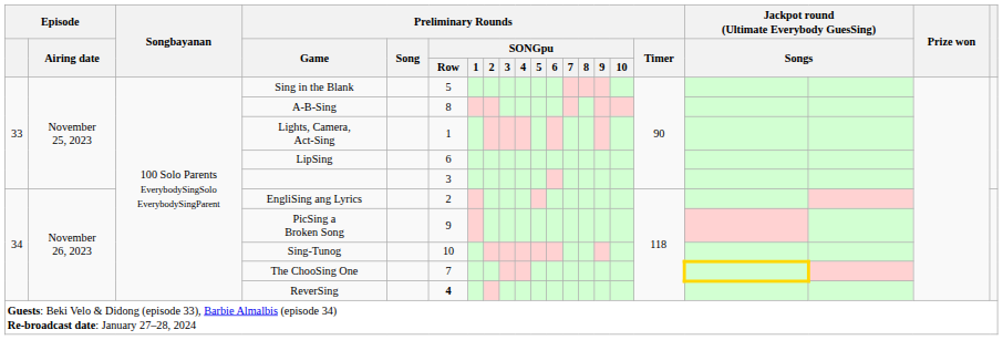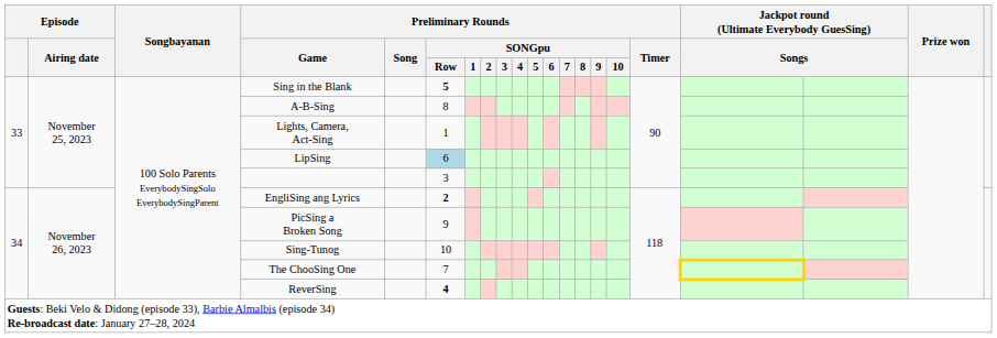 <table class="wikitable" style="text-align:center; font-size:90%; line-height:18px;" width="100%">
 <tr>
 <th colspan="2">Episode</th>
 <th rowspan="3">Songbayanan</th>
 <th colspan="14">Preliminary Rounds</th>
 <th colspan="2">Jackpot round<br><strong>(Ultimate Everybody GuesSing)</strong></th>
 <th rowspan="3">Prize won</th>
 <th rowspan="3"></th>
 </tr>
 <tr>
 <th rowspan="2"></th>
 <th rowspan="2">Airing date</th>
 <th rowspan="2">Game</th>
 <th rowspan="2">Song</th>
 <th colspan="11">SONGpu</th>
 <th rowspan="2">Timer</th>
 <th colspan="2" rowspan="2">Songs</th>
 </tr>
 <tr>
 <th>Row</th>
 <th>1</th>
 <th>2</th>
 <th>3</th>
 <th>4</th>
 <th>5</th>
 <th>6</th>
 <th>7</th>
 <th>8</th>
 <th>9</th>
 <th>10</th>
 </tr>
 <tr>
 <td rowspan="5">33</td>
 <td rowspan="5">November<br>25, 2023</td>
 <td rowspan="10">100 Solo Parents<br><small>EverybodySingSolo<br>EverybodySingParent</small></td>
 <td>Sing in the Blank</td>
 <td></td>
-<td>5</td>
+<td><strong>5</strong></td>
 <td style="background:#D2FFD2"></td>
 <td style="background:#D2FFD2"></td>
 <td style="background:#D2FFD2"></td>
 <td style="background:#D2FFD2"></td>
 <td style="background:#D2FFD2"></td>
 <td style="background:#D2FFD2"></td>
 <td style="background:#FFD2D2"></td>
 <td style="background:#FFD2D2"></td>
 <td style="background:#FFD2D2"></td>
 <td style="background:#D2FFD2"></td>
 <td rowspan="5">90<br></td>
 <td style="background:#D2FFD2"></td>
 <td style="background:#D2FFD2"></td>
 <td rowspan="10"></td>
 <td rowspan="5"><br></td>
 </tr>
 <tr>
 <td>A-B-Sing</td>
 <td></td>
 <td>8</td>
 <td style="background:#FFD2D2"></td>
 <td style="background:#FFD2D2"></td>
 <td style="background:#D2FFD2"></td>
 <td style="background:#D2FFD2"></td>
 <td style="background:#D2FFD2"></td>
 <td style="background:#D2FFD2"></td>
 <td style="background:#FFD2D2"></td>
 <td style="background:#D2FFD2"></td>
 <td style="background:#FFD2D2"></td>
 <td style="background:#FFD2D2"></td>
 <td style="background:#D2FFD2"></td>
 <td style="background:#D2FFD2"></td>
 </tr>
 <tr>
 <td>Lights, Camera,<br>Act-Sing</td>
 <td></td>
 <td>1</td>
 <td style="background:#D2FFD2"></td>
 <td style="background:#FFD2D2"></td>
 <td style="background:#FFD2D2"></td>
 <td style="background:#FFD2D2"></td>
 <td style="background:#D2FFD2"></td>
 <td style="background:#FFD2D2"></td>
 <td style="background:#D2FFD2"></td>
 <td style="background:#D2FFD2"></td>
 <td style="background:#FFD2D2"></td>
 <td style="background:#D2FFD2"></td>
 <td style="background:#D2FFD2"></td>
 <td style="background:#D2FFD2"></td>
 </tr>
 <tr>
 <td>LipSing</td>
 <td></td>
-<td>6</td>
+<td style="background: lightblue;">6</td>
 <td style="background:#D2FFD2"></td>
 <td style="background:#D2FFD2"></td>
 <td style="background:#D2FFD2"></td>
 <td style="background:#D2FFD2"></td>
 <td style="background:#D2FFD2"></td>
 <td style="background:#D2FFD2"></td>
 <td style="background:#D2FFD2"></td>
 <td style="background:#D2FFD2"></td>
 <td style="background:#D2FFD2"></td>
 <td style="background:#D2FFD2"></td>
 <td style="background:#D2FFD2"></td>
 <td style="background:#D2FFD2"></td>
 </tr>
 <tr>
 <td></td>
 <td></td>
 <td>3</td>
 <td style="background:#D2FFD2"></td>
 <td style="background:#D2FFD2"></td>
 <td style="background:#D2FFD2"></td>
 <td style="background:#D2FFD2"></td>
 <td style="background:#D2FFD2"></td>
 <td style="background:#FFD2D2"></td>
 <td style="background:#D2FFD2"></td>
 <td style="background:#D2FFD2"></td>
 <td style="background:#D2FFD2"></td>
 <td style="background:#D2FFD2"></td>
 <td style="background:#D2FFD2"></td>
 <td style="background:#D2FFD2"></td>
 </tr>
 <tr>
 <td rowspan="5">34</td>
 <td rowspan="5">November<br>26, 2023</td>
 <td>EngliSing ang Lyrics</td>
 <td></td>
-<td>2</td>
+<td><strong>2</strong></td>
 <td style="background:#FFD2D2"></td>
 <td style="background:#D2FFD2"></td>
 <td style="background:#D2FFD2"></td>
 <td style="background:#D2FFD2"></td>
 <td style="background:#FFD2D2"></td>
 <td style="background:#D2FFD2"></td>
 <td style="background:#D2FFD2"></td>
 <td style="background:#D2FFD2"></td>
 <td style="background:#D2FFD2"></td>
 <td style="background:#D2FFD2"></td>
 <td rowspan="5">118<br></td>
 <td style="background:#D2FFD2"></td>
 <td style="background:#FFD2D2"></td>
 <td rowspan="5"><br></td>
 </tr>
 <tr>
 <td>PicSing a<br>Broken Song</td>
 <td></td>
 <td>9</td>
 <td style="background:#FFD2D2"></td>
 <td style="background:#D2FFD2"></td>
 <td style="background:#D2FFD2"></td>
 <td style="background:#D2FFD2"></td>
 <td style="background:#D2FFD2"></td>
 <td style="background:#D2FFD2"></td>
 <td style="background:#D2FFD2"></td>
 <td style="background:#D2FFD2"></td>
 <td style="background:#D2FFD2"></td>
 <td style="background:#D2FFD2"></td>
 <td style="background:#FFD2D2"></td>
 <td style="background:#D2FFD2"></td>
 </tr>
 <tr>
 <td>Sing-Tunog</td>
 <td></td>
 <td>10</td>
 <td style="background:#D2FFD2"></td>
 <td style="background:#FFD2D2"></td>
 <td style="background:#FFD2D2"></td>
 <td style="background:#FFD2D2"></td>
 <td style="background:#FFD2D2"></td>
 <td style="background:#FFD2D2"></td>
 <td style="background:#D2FFD2"></td>
 <td style="background:#D2FFD2"></td>
 <td style="background:#FFD2D2"></td>
 <td style="background:#D2FFD2"></td>
 <td style="background:#D2FFD2"></td>
 <td style="background:#D2FFD2"></td>
 </tr>
 <tr>
 <td>The ChooSing One</td>
 <td></td>
 <td>7</td>
 <td style="background:#D2FFD2"></td>
 <td style="background:#D2FFD2"></td>
 <td style="background:#FFD2D2"></td>
 <td style="background:#FFD2D2"></td>
 <td style="background:#D2FFD2"></td>
 <td style="background:#D2FFD2"></td>
 <td style="background:#D2FFD2"></td>
 <td style="background:#D2FFD2"></td>
 <td style="background:#D2FFD2"></td>
 <td style="background:#D2FFD2"></td>
 <td style="background:#D2FFD2; border:solid 4px #FFD700;"></td>
 <td style="background:#FFD2D2"></td>
 </tr>
 <tr>
 <td>ReverSing</td>
 <td></td>
 <td><strong>4</strong></td>
 <td style="background:#D2FFD2"></td>
 <td style="background:#FFD2D2"></td>
 <td style="background:#D2FFD2"></td>
 <td style="background:#D2FFD2"></td>
 <td style="background:#D2FFD2"></td>
 <td style="background:#D2FFD2"></td>
 <td style="background:#D2FFD2"></td>
 <td style="background:#D2FFD2"></td>
 <td style="background:#D2FFD2"></td>
 <td style="background:#D2FFD2"></td>
 <td style="background:#D2FFD2"></td>
 <td style="background:#D2FFD2"></td>
 </tr>
 <tr>
 <td colspan="21" style="background:white;" align="left"><strong>Guests</strong>: Beki Velo & Didong (episode 33), <a href='#'>Barbie Almalbis</a> (episode 34)<br><strong>Re-broadcast date</strong>: January 27–28, 2024</td>
 </tr>
 </table>
